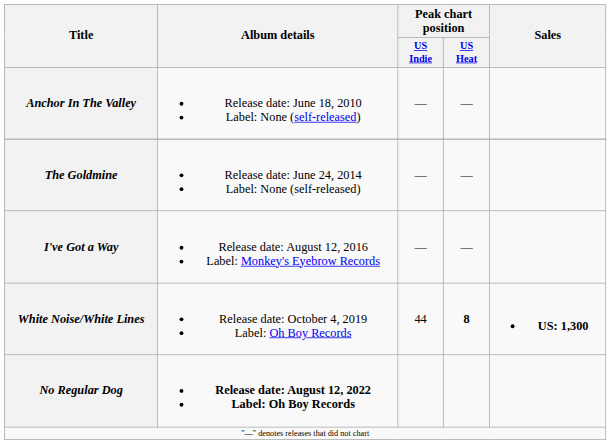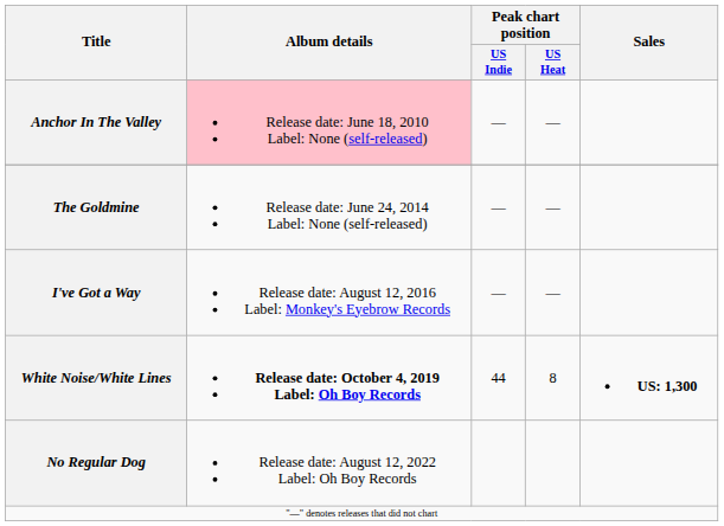 <table class="wikitable plainrowheaders" style="text-align:center;">
 <tr>
 <th rowspan="2" style="width:12em;">Title</th>
 <th rowspan="2" style="width:19em;">Album details</th>
 <th colspan="2">Peak chart position</th>
 <th rowspan="2" style="width:9em;">Sales</th>
 </tr>
 <tr style="font-size:smaller;">
 <th style="width:4em;"><a href='#'>US <br>Indie</a><br></th>
 <th style="width:4em;"><a href='#'>US <br>Heat</a><br></th>
 </tr>
 <tr>
 <th scope="row"><em>Anchor In The Valley </em></th>
-<td><br><ul><li>Release date:  June 18, 2010</li><li>Label: None (<a href='#'>self-released</a>)</li></ul></td>
+<td style="background: pink;"><br><ul><li>Release date:  June 18, 2010</li><li>Label: None (<a href='#'>self-released</a>)</li></ul></td>
 <td>—</td>
 <td>—</td>
 <td></td>
 </tr>
 <tr>
 </tr>
 <tr>
 <th scope="row"><em>The Goldmine</em></th>
 <td><br><ul><li>Release date:  June 24, 2014</li><li>Label: None (self-released)</li></ul></td>
 <td>—</td>
 <td>—</td>
 <td></td>
 </tr>
 <tr>
 <th scope="row"><em>I've Got a Way</em></th>
 <td><br><ul><li>Release date:  August 12, 2016</li><li>Label: <a href='#'>Monkey's Eyebrow Records</a></li></ul></td>
 <td>—</td>
 <td>—</td>
 <td></td>
 </tr>
 <tr>
 <th scope="row"><em>White Noise/White Lines</em></th>
-<td><br><ul><li>Release date: October 4, 2019</li><li>Label: <a href='#'>Oh Boy Records</a></li></ul></td>
+<td><strong><br><ul><li>Release date: October 4, 2019</li><li>Label: <a href='#'>Oh Boy Records</a></li></ul></strong></td>
 <td>44</td>
-<td><strong>8</strong></td>
+<td>8</td>
 <td><strong><br><ul><li>US: 1,300</li></ul></strong></td>
 </tr>
 <tr>
 <th scope="row"><em>No Regular Dog</em></th>
-<td><strong><br><ul><li>Release date: August 12, 2022</li><li>Label: Oh Boy Records</li></ul></strong></td>
+<td><br><ul><li>Release date: August 12, 2022</li><li>Label: Oh Boy Records</li></ul></td>
 <td></td>
 <td></td>
 <td></td>
 </tr>
 <tr>
 <td colspan="8" style="font-size:8pt">"—" denotes releases that did not chart</td>
 </tr>
 </table>
